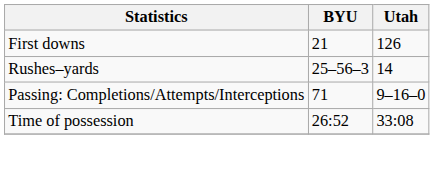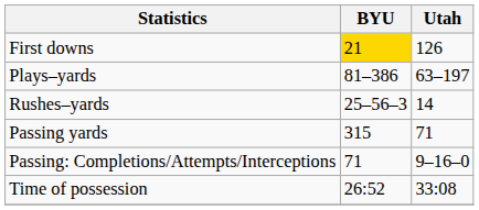 <table class="wikitable">
 <tr>
 <th>Statistics</th>
 <th>BYU</th>
 <th>Utah</th>
 </tr>
 <tr>
 <td>First downs</td>
-<td>21</td>
+<td style="background: gold;">21</td>
 <td>126</td>
+</tr>
+<tr>
+<td>Plays–yards</td>
+<td>81–386</td>
+<td>63–197</td>
 </tr>
 <tr>
 <td>Rushes–yards</td>
 <td>25–56–3</td>
 <td>14</td>
+</tr>
+<tr>
+<td>Passing yards</td>
+<td>315</td>
+<td>71</td>
 </tr>
 <tr>
 <td>Passing: Completions/Attempts/Interceptions</td>
 <td>71</td>
 <td>9–16–0</td>
 </tr>
 <tr>
 <td>Time of possession</td>
 <td>26:52</td>
 <td>33:08</td>
 </tr>
 <tr>
 </tr>
 </table>
